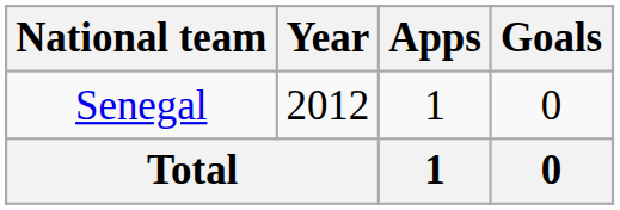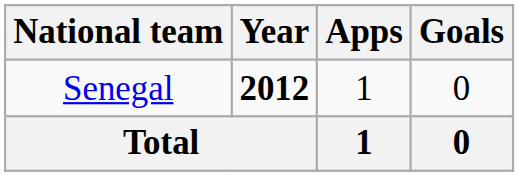 <table class="wikitable" style="text-align:center">
 <tr>
 <th>National team</th>
 <th>Year</th>
 <th>Apps</th>
 <th>Goals</th>
 </tr>
 <tr>
 <td><a href='#'>Senegal</a></td>
-<td>2012</td>
+<td><strong>2012</strong></td>
 <td>1</td>
 <td>0</td>
 </tr>
 <tr>
 <th colspan="2">Total</th>
 <th>1</th>
 <th>0</th>
 </tr>
 </table>
